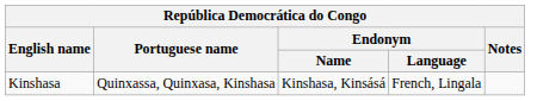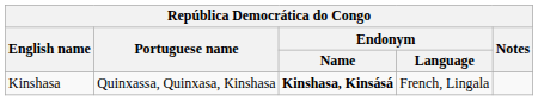 <table class="wikitable sortable">
 <tr>
 <th colspan="5"> República Democrática do Congo</th>
 </tr>
 <tr>
 <th rowspan="2">English name</th>
 <th rowspan="2">Portuguese name</th>
 <th colspan="2">Endonym</th>
 <th rowspan="2">Notes</th>
 </tr>
 <tr>
 <th>Name</th>
 <th>Language</th>
 </tr>
 <tr>
 <td>Kinshasa</td>
 <td>Quinxassa, Quinxasa, Kinshasa</td>
-<td>Kinshasa, Kinsásá</td>
+<td><strong>Kinshasa, Kinsásá</strong></td>
 <td>French, Lingala</td>
 <td></td>
 </tr>
 </table>
